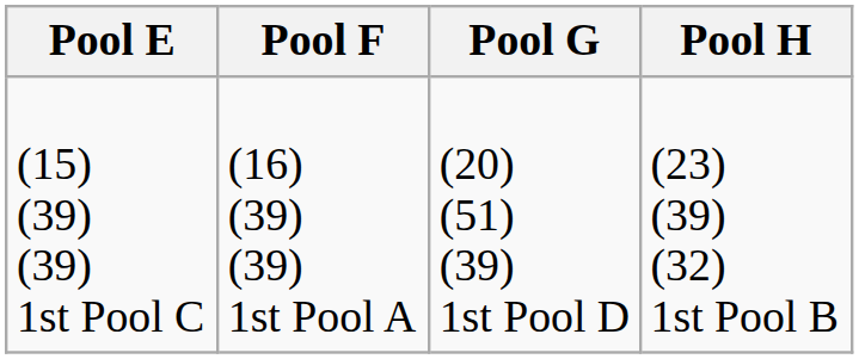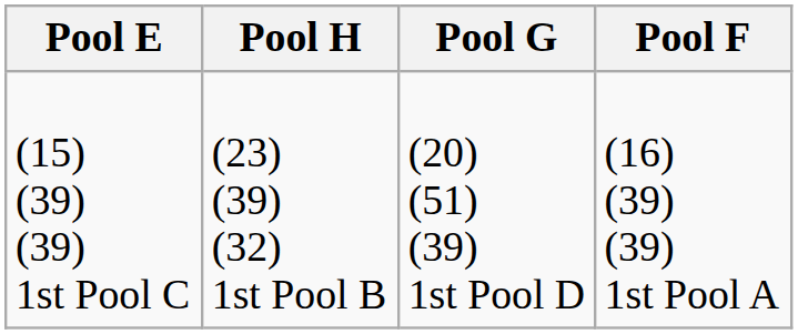 <table class="wikitable">
 <tr>
 <th width=25%>Pool E</th>
+<th width=25%>Pool H</th>
+<th width=25%>Pool G</th>
 <th width=25%>Pool F</th>
-<th width=25%>Pool G</th>
-<th width=25%>Pool H</th>
 </tr>
 <tr>
 <td><br> (15)<br>  (39)<br>  (39)<br> 1st Pool C</td>
+<td><br> (23)<br>  (39)<br>  (32)<br> 1st Pool B</td>
+<td><br> (20)<br>  (51)<br>  (39)<br> 1st Pool D</td>
 <td><br> (16)<br>  (39)<br>  (39)<br> 1st Pool A</td>
-<td><br> (20)<br>  (51)<br>  (39)<br> 1st Pool D</td>
-<td><br> (23)<br>  (39)<br>  (32)<br> 1st Pool B</td>
 </tr>
 </table>
